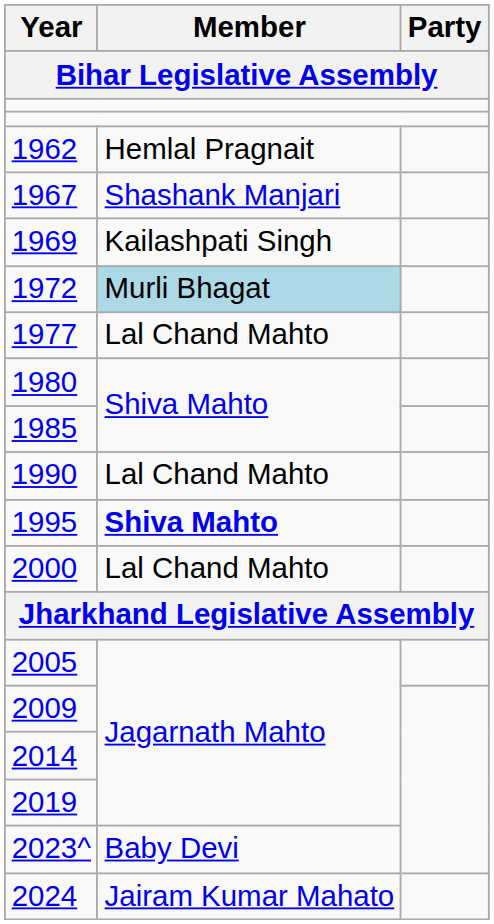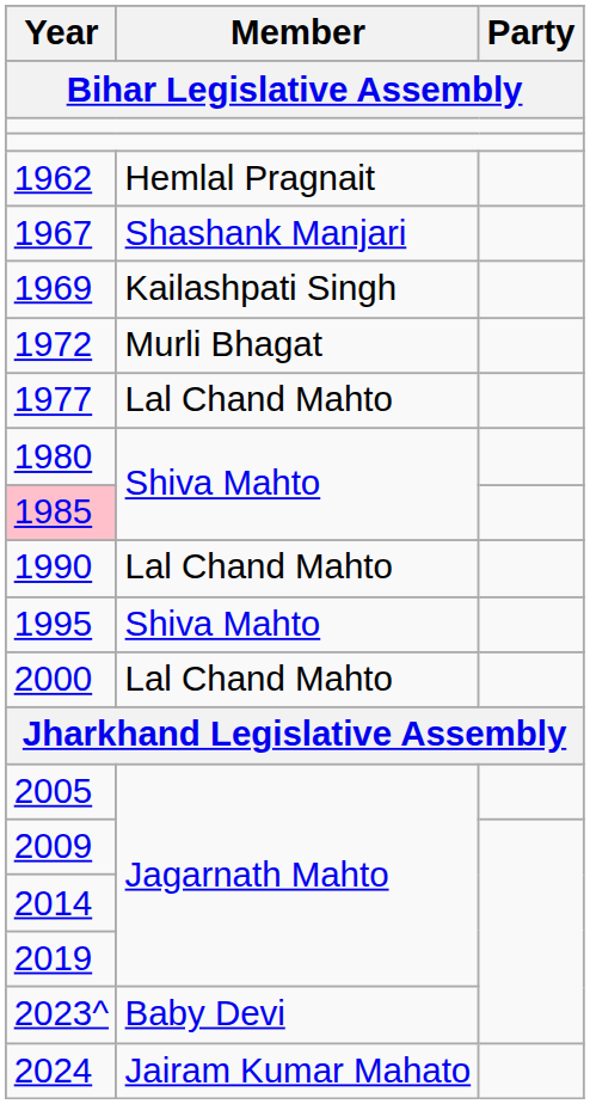 <table class="wikitable sortable">
 <tr>
 <th>Year</th>
 <th>Member</th>
 <th colspan="2">Party</th>
 </tr>
 <tr>
 <th colspan=4><a href='#'>Bihar Legislative Assembly</a></th>
 </tr>
 <tr>
 <td colspan="4"></td>
 </tr>
 <tr>
 <td colspan="4"></td>
 </tr>
 <tr>
 <td><a href='#'>1962</a></td>
 <td>Hemlal Pragnait</td>
 <td></td>
 </tr>
 <tr>
 <td><a href='#'>1967</a></td>
 <td><a href='#'>Shashank Manjari</a></td>
 <td></td>
 </tr>
 <tr>
 <td><a href='#'>1969</a></td>
 <td>Kailashpati Singh</td>
 <td></td>
 </tr>
 <tr>
 <td><a href='#'>1972</a></td>
-<td style="background: lightblue;">Murli Bhagat</td>
+<td>Murli Bhagat</td>
 <td></td>
 </tr>
 <tr>
 <td><a href='#'>1977</a></td>
 <td>Lal Chand Mahto</td>
 <td></td>
 </tr>
 <tr>
 <td><a href='#'>1980</a></td>
 <td rowspan="2"><a href='#'>Shiva Mahto</a></td>
 <td></td>
 </tr>
 <tr>
-<td><a href='#'>1985</a></td>
+<td style="background: pink;"><a href='#'>1985</a></td>
 <td></td>
 </tr>
 <tr>
 <td><a href='#'>1990</a></td>
 <td>Lal Chand Mahto</td>
 <td></td>
 </tr>
 <tr>
 <td><a href='#'>1995</a></td>
-<td><strong><a href='#'>Shiva Mahto</a></strong></td>
+<td><a href='#'>Shiva Mahto</a></td>
 <td></td>
 </tr>
 <tr>
 <td><a href='#'>2000</a></td>
 <td>Lal Chand Mahto</td>
 <td></td>
 </tr>
 <tr>
 <th colspan=4><a href='#'>Jharkhand Legislative Assembly</a></th>
 </tr>
 <tr>
 <td><a href='#'>2005</a></td>
 <td rowspan="4"><a href='#'>Jagarnath Mahto</a></td>
 <td></td>
 </tr>
 <tr>
 <td><a href='#'>2009</a></td>
 </tr>
 <tr>
 <td><a href='#'>2014</a></td>
 </tr>
 <tr>
 <td><a href='#'>2019</a></td>
 </tr>
 <tr>
 <td><a href='#'>2023^</a></td>
 <td><a href='#'>Baby Devi</a></td>
 </tr>
 <tr>
 <td><a href='#'>2024</a></td>
 <td><a href='#'>Jairam Kumar Mahato</a></td>
 <td></td>
 </tr>
 </table>
